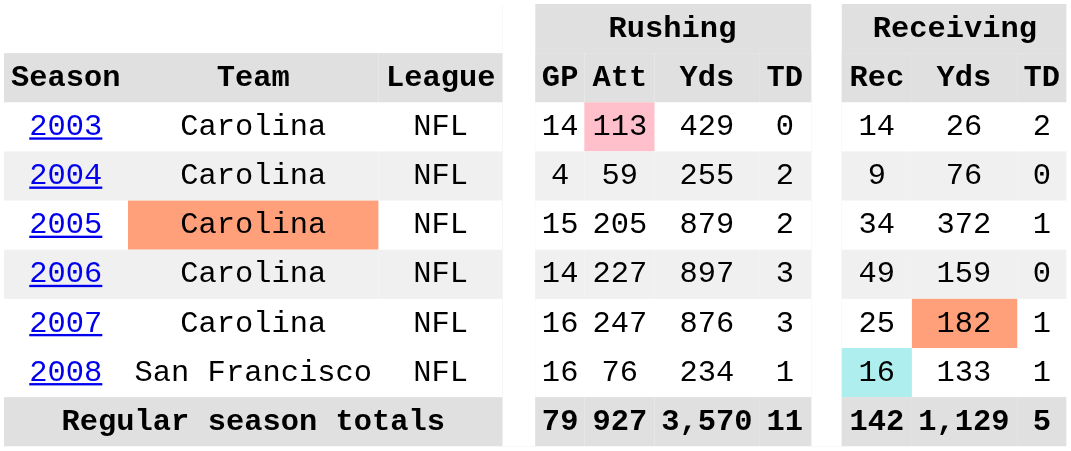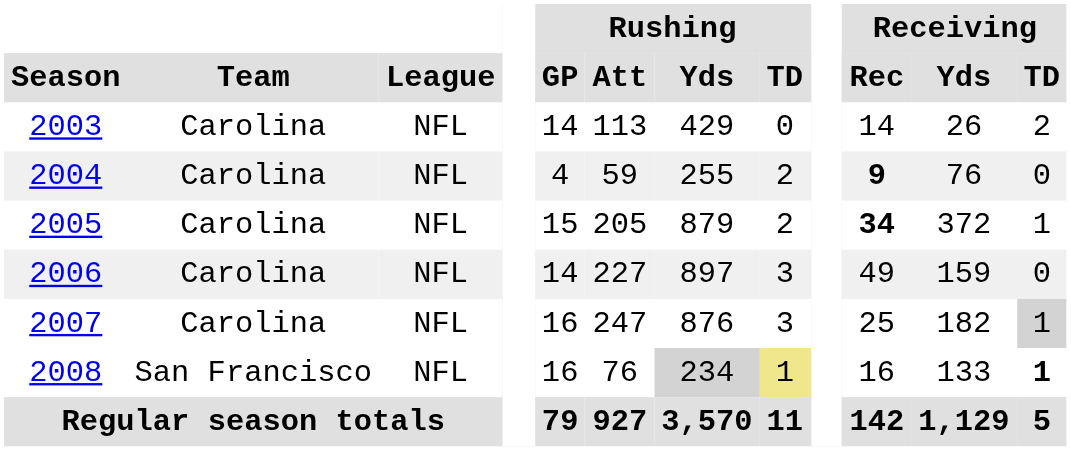 <table BORDER="0" CELLPADDING="3" CELLSPACING="0" ID="Table3">
 <tr style="text-align:center; background:#e0e0e0;">
 <th colspan="3" style="text-align:center; background:#fff;"> </th>
 <th rowspan="99" style="text-align:center; background:#fff;"> </th>
 <th style="text-align:center;" colspan="4">Rushing</th>
 <th rowspan="99" style="text-align:center; background:#fff;"> </th>
 <th style="text-align:center;" colspan="3">Receiving</th>
 </tr>
 <tr style="text-align:center; background:#e0e0e0;">
 <th style="text-align:center;">Season</th>
 <th style="text-align:center;">Team</th>
 <th style="text-align:center;">League</th>
 <th style="text-align:center;">GP</th>
 <th style="text-align:center;">Att</th>
 <th style="text-align:center;">Yds</th>
 <th style="text-align:center;">TD</th>
 <th style="text-align:center;">Rec</th>
 <th style="text-align:center;">Yds</th>
 <th style="text-align:center;">TD</th>
 </tr>
 <tr style="text-align:center;">
 <td><a href='#'>2003</a></td>
 <td>Carolina</td>
 <td>NFL</td>
 <td>14</td>
-<td style="background: pink;">113</td>
+<td>113</td>
 <td>429</td>
 <td>0</td>
 <td>14</td>
 <td>26</td>
 <td>2</td>
 </tr>
 <tr style="text-align:center; background:#f0f0f0;">
 <td><a href='#'>2004</a></td>
 <td>Carolina</td>
 <td>NFL</td>
 <td>4</td>
 <td>59</td>
 <td>255</td>
 <td>2</td>
-<td>9</td>
+<td><strong>9</strong></td>
 <td>76</td>
 <td>0</td>
 </tr>
 <tr style="text-align:center;">
 <td><a href='#'>2005</a></td>
-<td style="background: lightsalmon;">Carolina</td>
+<td>Carolina</td>
 <td>NFL</td>
 <td>15</td>
 <td>205</td>
 <td>879</td>
 <td>2</td>
-<td>34</td>
+<td><strong>34</strong></td>
 <td>372</td>
 <td>1</td>
 </tr>
 <tr style="text-align:center; background:#f0f0f0;">
 <td><a href='#'>2006</a></td>
 <td>Carolina</td>
 <td>NFL</td>
 <td>14</td>
 <td>227</td>
 <td>897</td>
 <td>3</td>
 <td>49</td>
 <td>159</td>
 <td>0</td>
 </tr>
 <tr style="text-align:center;">
 <td><a href='#'>2007</a></td>
 <td>Carolina</td>
 <td>NFL</td>
 <td>16</td>
 <td>247</td>
 <td>876</td>
 <td>3</td>
 <td>25</td>
-<td style="background: lightsalmon;">182</td>
-<td>1</td>
+<td>182</td>
+<td style="background: lightgrey;">1</td>
 </tr>
 <tr style="text-align:center;">
 <td><a href='#'>2008</a></td>
 <td>San Francisco</td>
 <td>NFL</td>
 <td>16</td>
 <td>76</td>
-<td>234</td>
-<td>1</td>
-<td style="background: paleturquoise;">16</td>
+<td style="background: lightgrey;">234</td>
+<td style="background: khaki;">1</td>
+<td>16</td>
 <td>133</td>
-<td>1</td>
+<td><strong>1</strong></td>
 </tr>
 <tr style="text-align:center; background:#e0e0e0;">
 <th colspan="3">Regular season totals</th>
 <th style="text-align:center;">79</th>
 <th style="text-align:center;">927</th>
 <th style="text-align:center;">3,570</th>
 <th style="text-align:center;">11</th>
 <th style="text-align:center;">142</th>
 <th style="text-align:center;">1,129</th>
 <th style="text-align:center;">5</th>
 </tr>
 </table>
